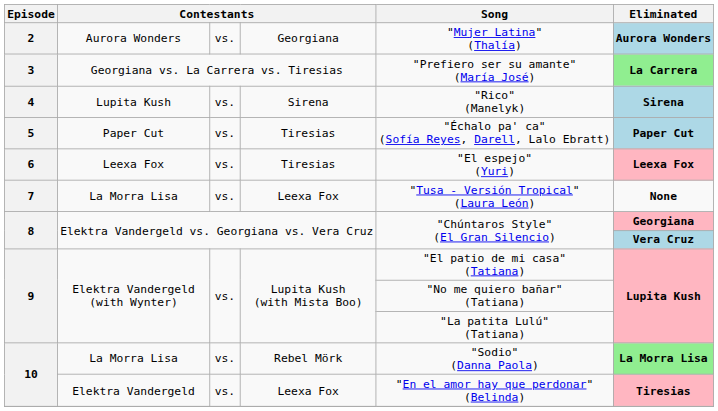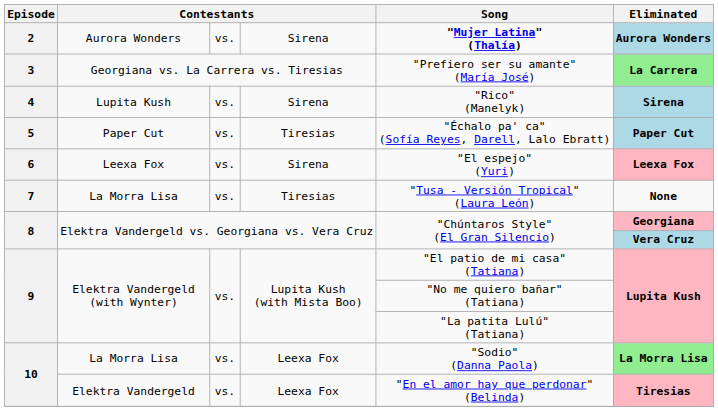 <table class="wikitable" style="text-align:center">
 <tr>
 <th scope="col">Episode</th>
 <th scope="col" colspan="3">Contestants</th>
 <th scope="col">Song</th>
 <th scope="col">Eliminated</th>
 </tr>
 <tr>
 <th scope="row">2</th>
 <td>Aurora Wonders</td>
 <td>vs.</td>
-<td>Georgiana</td>
-<td>"<a href='#'>Mujer Latina</a>"<br>(<a href='#'>Thalía</a>)</td>
+<td>Sirena</td>
+<td><strong>"<a href='#'>Mujer Latina</a>"<br>(<a href='#'>Thalía</a>)</strong></td>
 <td bgcolor="lightblue" nowrap><strong>Aurora Wonders</strong></td>
 </tr>
 <tr>
 <th scope="row">3</th>
 <td colspan="3">Georgiana vs. La Carrera vs. Tiresias</td>
 <td>"Prefiero ser su amante"<br>(<a href='#'>María José</a>)</td>
 <td bgcolor="lightgreen"><strong>La Carrera</strong></td>
 </tr>
 <tr>
 <th scope="row">4</th>
 <td>Lupita Kush</td>
 <td>vs.</td>
 <td>Sirena</td>
 <td>"Rico"<br>(Manelyk)</td>
 <td bgcolor="lightblue"><strong>Sirena</strong></td>
 </tr>
 <tr>
 <th scope="row">5</th>
 <td>Paper Cut</td>
 <td>vs.</td>
 <td>Tiresias</td>
 <td nowrap>"Échalo pa' ca"<br>(<a href='#'>Sofía Reyes</a>, <a href='#'>Darell</a>, Lalo Ebratt)</td>
 <td bgcolor="lightblue"><strong>Paper Cut</strong></td>
 </tr>
 <tr>
 <th scope="row">6</th>
 <td>Leexa Fox</td>
 <td>vs.</td>
-<td>Tiresias</td>
+<td>Sirena</td>
 <td>"El espejo"<br>(<a href='#'>Yuri</a>)</td>
 <td bgcolor="lightpink"><strong>Leexa Fox</strong></td>
 </tr>
 <tr>
 <th scope="row">7</th>
 <td>La Morra Lisa</td>
 <td>vs.</td>
-<td>Leexa Fox</td>
+<td>Tiresias</td>
 <td>"<a href='#'>Tusa - Versión Tropical</a>"<br>(<a href='#'>Laura León</a>)</td>
 <td><strong>None</strong></td>
 </tr>
 <tr>
 <th rowspan="2" scope="row">8</th>
 <td rowspan="2" colspan="3">Elektra Vandergeld vs. Georgiana vs. Vera Cruz</td>
 <td rowspan="2">"Chúntaros Style"<br>(<a href='#'>El Gran Silencio</a>)</td>
 <td bgcolor="lightpink"><strong>Georgiana</strong></td>
 </tr>
 <tr>
 <td bgcolor="lightblue"><strong>Vera Cruz</strong></td>
 </tr>
 <tr>
 <th rowspan="3" scope="row">9</th>
 <td rowspan="3" nowrap>Elektra Vandergeld<br>(with Wynter)</td>
 <td rowspan="3">vs.</td>
 <td rowspan="3" nowrap>Lupita Kush<br>(with Mista Boo)</td>
 <td>"El patio de mi casa"<br>(<a href='#'>Tatiana</a>)</td>
 <td rowspan="3" bgcolor="lightpink"><strong>Lupita Kush</strong></td>
 </tr>
 <tr>
 <td>"No me quiero bañar"<br>(Tatiana)</td>
 </tr>
 <tr>
 <td>"La patita Lulú"<br>(Tatiana)</td>
 </tr>
 <tr>
 <th rowspan="2" scope="row">10</th>
 <td>La Morra Lisa</td>
 <td>vs.</td>
-<td>Rebel Mörk</td>
+<td>Leexa Fox</td>
 <td>"Sodio"<br>(<a href='#'>Danna Paola</a>)</td>
 <td bgcolor="lightgreen"><strong>La Morra Lisa</strong></td>
 </tr>
 <tr>
 <td>Elektra Vandergeld</td>
 <td>vs.</td>
 <td>Leexa Fox</td>
 <td>"<a href='#'>En el amor hay que perdonar</a>"<br>(<a href='#'>Belinda</a>)</td>
 <td bgcolor="lightpink"><strong>Tiresias</strong></td>
 </tr>
 <tr>
 </tr>
 </table>
